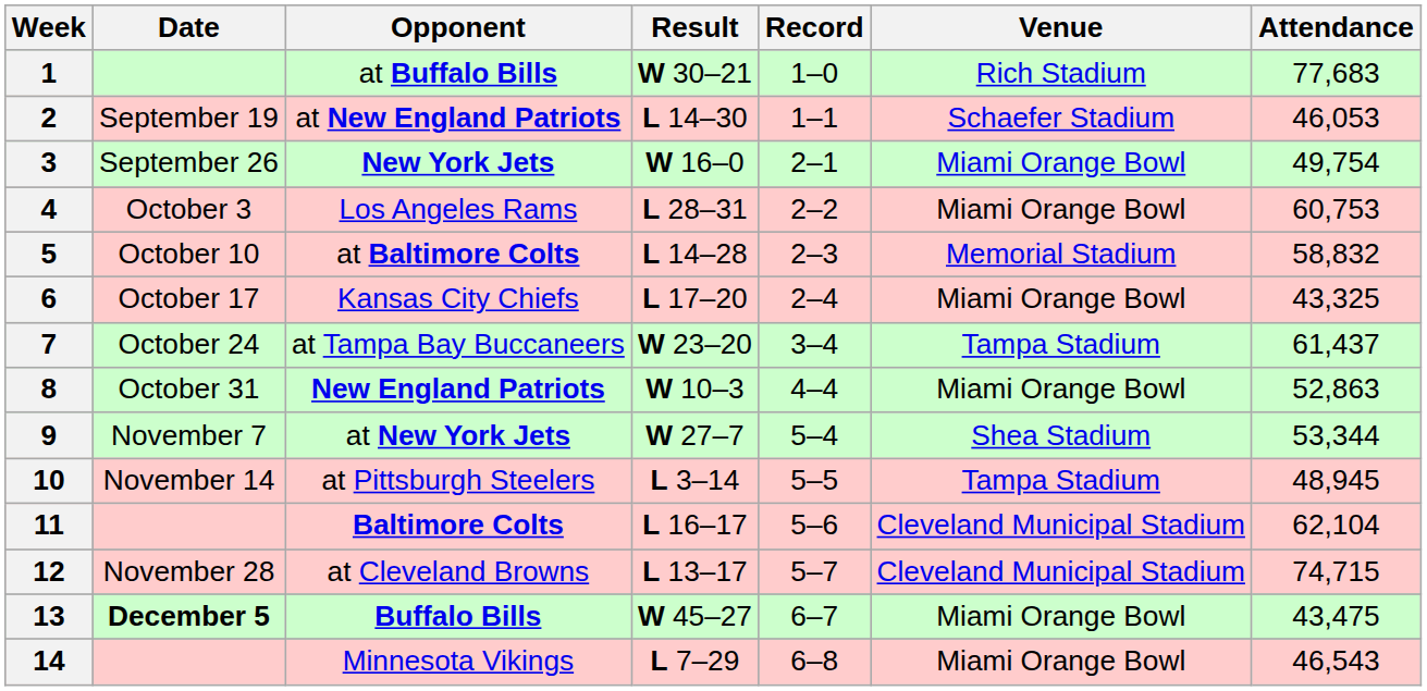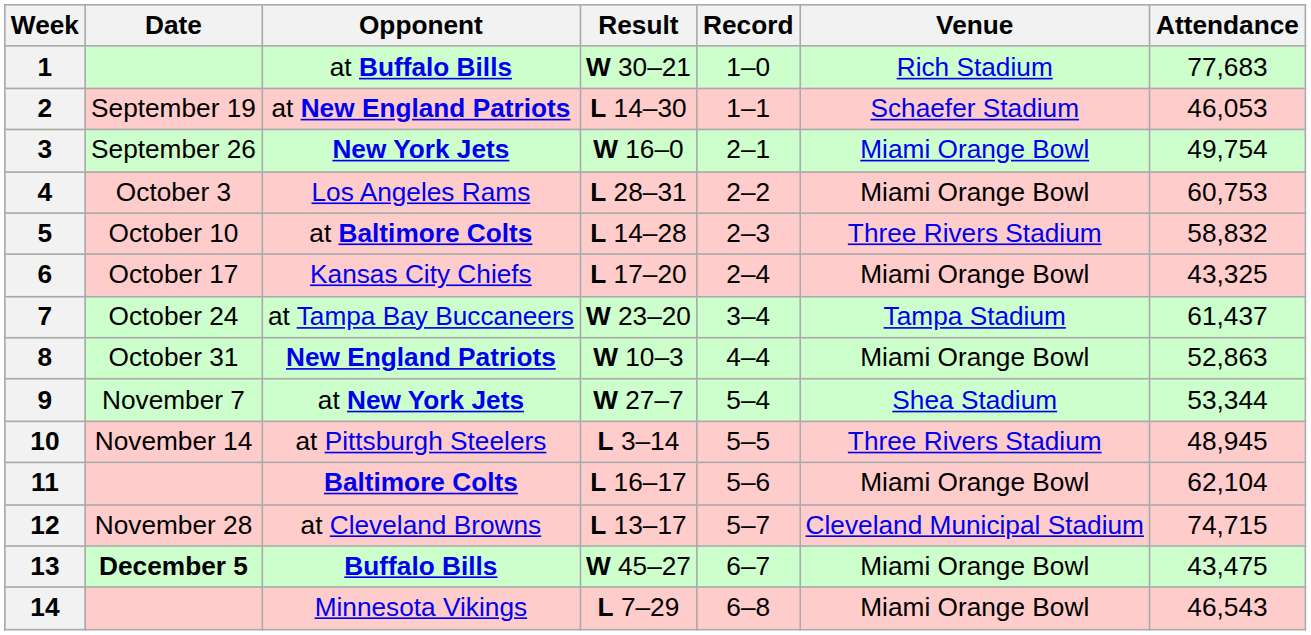 <table class="wikitable" style="text-align:center">
 <tr>
 <th>Week</th>
 <th>Date</th>
 <th>Opponent</th>
 <th>Result</th>
 <th>Record</th>
 <th>Venue</th>
 <th>Attendance</th>
 </tr>
 <tr style="background:#cfc">
 <th>1</th>
 <td></td>
 <td>at <strong><a href='#'>Buffalo Bills</a></strong></td>
 <td><strong>W</strong> 30–21</td>
 <td>1–0</td>
 <td><a href='#'>Rich Stadium</a></td>
 <td>77,683</td>
 </tr>
 <tr style="background:#fcc">
 <th>2</th>
 <td>September 19</td>
 <td>at <strong><a href='#'>New England Patriots</a></strong></td>
 <td><strong>L</strong> 14–30</td>
 <td>1–1</td>
 <td><a href='#'>Schaefer Stadium</a></td>
 <td>46,053</td>
 </tr>
 <tr style="background:#cfc">
 <th>3</th>
 <td>September 26</td>
 <td><strong><a href='#'>New York Jets</a></strong></td>
 <td><strong>W</strong> 16–0</td>
 <td>2–1</td>
 <td><a href='#'>Miami Orange Bowl</a></td>
 <td>49,754</td>
 </tr>
 <tr style="background:#fcc">
 <th>4</th>
 <td>October 3</td>
 <td><a href='#'>Los Angeles Rams</a></td>
 <td><strong>L</strong> 28–31</td>
 <td>2–2</td>
 <td>Miami Orange Bowl</td>
 <td>60,753</td>
 </tr>
 <tr style="background:#fcc">
 <th>5</th>
 <td>October 10</td>
 <td>at <strong><a href='#'>Baltimore Colts</a></strong></td>
 <td><strong>L</strong> 14–28</td>
 <td>2–3</td>
-<td><a href='#'>Memorial Stadium</a></td>
+<td><a href='#'>Three Rivers Stadium</a></td>
 <td>58,832</td>
 </tr>
 <tr style="background:#fcc">
 <th>6</th>
 <td>October 17</td>
 <td><a href='#'>Kansas City Chiefs</a></td>
 <td><strong>L</strong> 17–20 </td>
 <td>2–4</td>
 <td>Miami Orange Bowl</td>
 <td>43,325</td>
 </tr>
 <tr style="background:#cfc">
 <th>7</th>
 <td>October 24</td>
 <td>at <a href='#'>Tampa Bay Buccaneers</a></td>
 <td><strong>W</strong> 23–20</td>
 <td>3–4</td>
 <td><a href='#'>Tampa Stadium</a></td>
 <td>61,437</td>
 </tr>
 <tr style="background:#cfc">
 <th>8</th>
 <td>October 31</td>
 <td><strong><a href='#'>New England Patriots</a></strong></td>
 <td><strong>W</strong> 10–3</td>
 <td>4–4</td>
 <td>Miami Orange Bowl</td>
 <td>52,863</td>
 </tr>
 <tr style="background:#cfc">
 <th>9</th>
 <td>November 7</td>
 <td>at <strong><a href='#'>New York Jets</a></strong></td>
 <td><strong>W</strong> 27–7</td>
 <td>5–4</td>
 <td><a href='#'>Shea Stadium</a></td>
 <td>53,344</td>
 </tr>
 <tr style="background:#fcc">
 <th>10</th>
 <td>November 14</td>
 <td>at <a href='#'>Pittsburgh Steelers</a></td>
 <td><strong>L</strong> 3–14</td>
 <td>5–5</td>
-<td><a href='#'>Tampa Stadium</a></td>
+<td><a href='#'>Three Rivers Stadium</a></td>
 <td>48,945</td>
 </tr>
 <tr style="background:#fcc">
 <th>11</th>
 <td></td>
 <td><strong><a href='#'>Baltimore Colts</a></strong></td>
 <td><strong>L</strong> 16–17</td>
 <td>5–6</td>
-<td><a href='#'>Cleveland Municipal Stadium</a></td>
+<td>Miami Orange Bowl</td>
 <td>62,104</td>
 </tr>
 <tr style="background:#fcc">
 <th>12</th>
 <td>November 28</td>
 <td>at <a href='#'>Cleveland Browns</a></td>
 <td><strong>L</strong> 13–17</td>
 <td>5–7</td>
 <td><a href='#'>Cleveland Municipal Stadium</a></td>
 <td>74,715</td>
 </tr>
 <tr style="background:#cfc">
 <th>13</th>
 <td><strong>December 5</strong></td>
 <td><strong><a href='#'>Buffalo Bills</a></strong></td>
 <td><strong>W</strong> 45–27</td>
 <td>6–7</td>
 <td>Miami Orange Bowl</td>
 <td>43,475</td>
 </tr>
 <tr style="background:#fcc">
 <th>14</th>
 <td></td>
 <td><a href='#'>Minnesota Vikings</a></td>
 <td><strong>L</strong> 7–29</td>
 <td>6–8</td>
 <td>Miami Orange Bowl</td>
 <td>46,543</td>
 </tr>
 </table>
